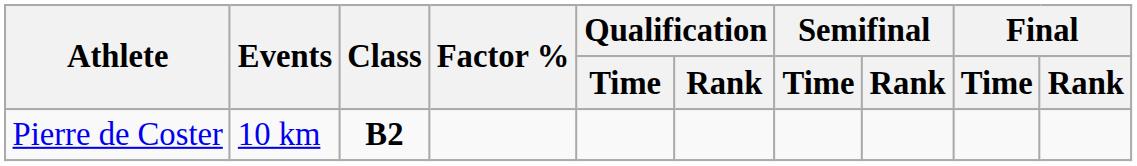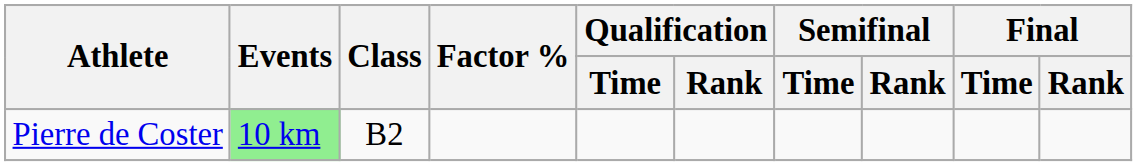 <table class="wikitable" style="font-size:100%">
 <tr>
 <th rowspan="2">Athlete</th>
 <th rowspan="2">Events</th>
 <th rowspan="2">Class</th>
 <th rowspan="2">Factor %</th>
 <th colspan="2">Qualification</th>
 <th colspan="2">Semifinal</th>
 <th colspan="2">Final</th>
 </tr>
 <tr>
 <th>Time</th>
 <th>Rank</th>
 <th>Time</th>
 <th>Rank</th>
 <th>Time</th>
 <th>Rank</th>
 </tr>
 <tr>
 <td rowspan="3"><a href='#'>Pierre de Coster</a></td>
-<td><a href='#'>10 km</a></td>
-<td align="center"><strong>B2</strong></td>
+<td style="background: lightgreen;"><a href='#'>10 km</a></td>
+<td align="center">B2</td>
 <td align="center" rowspan="3"></td>
 <td align="center"></td>
 <td align="center"></td>
 <td align="center"></td>
 <td align="center"></td>
 <td align="center"></td>
 <td align="center"></td>
 </tr>
 </table>
